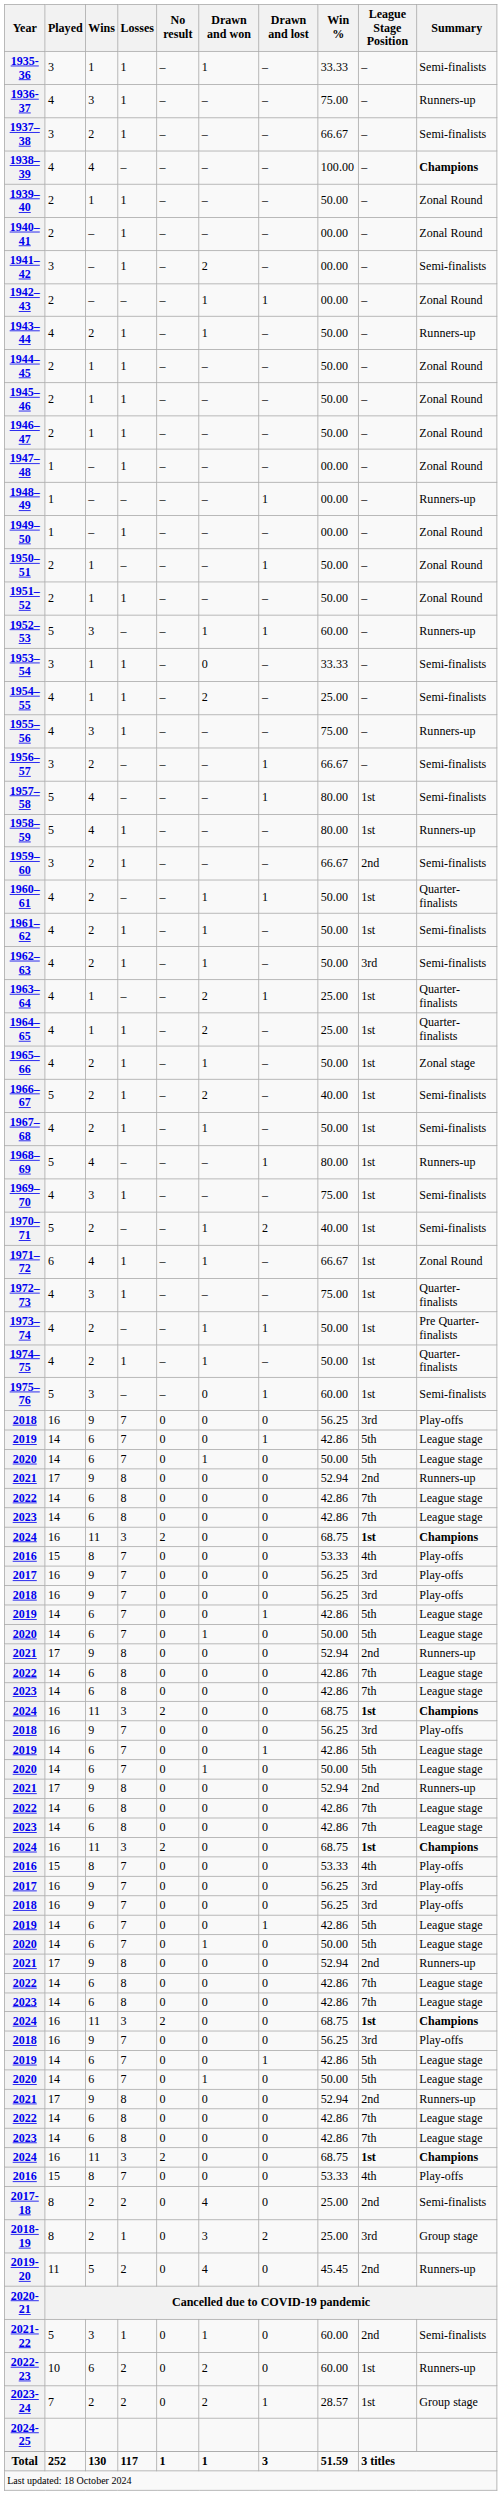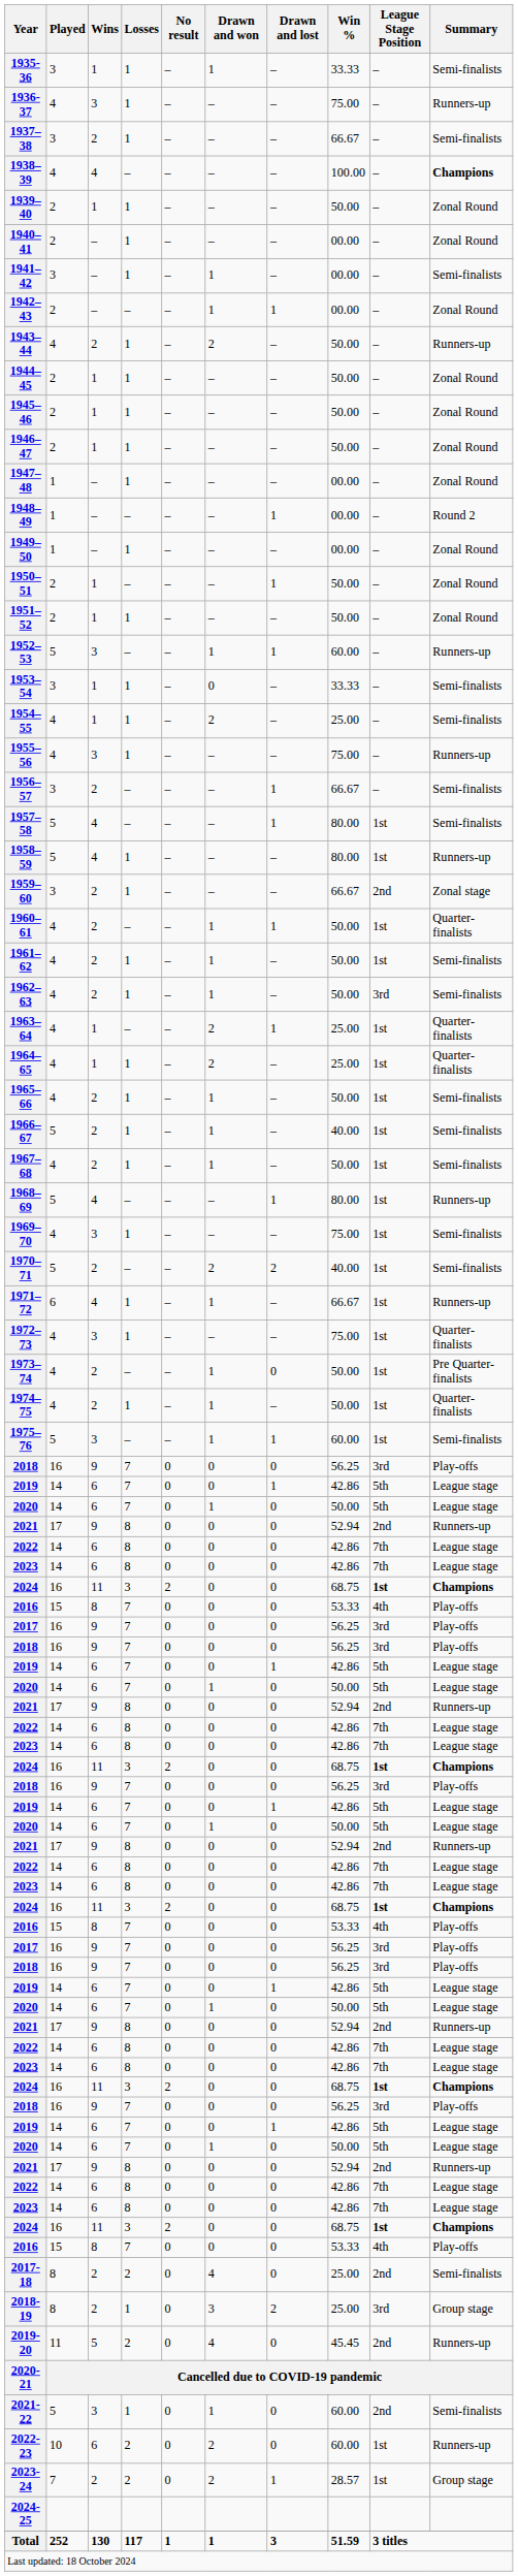 <table class="wikitable sortable" style="text-align:left;font-size:93%;">
 <tr>
 <th>Year</th>
 <th>Played</th>
 <th>Wins</th>
 <th>Losses</th>
 <th>No result</th>
 <th>Drawn and won</th>
 <th>Drawn and lost</th>
 <th>Win %</th>
 <th>League Stage<br>Position</th>
 <th>Summary</th>
 </tr>
 <tr>
 <th><a href='#'>1935-36</a></th>
 <td>3</td>
 <td>1</td>
 <td>1</td>
 <td>–</td>
 <td>1</td>
 <td>–</td>
 <td>33.33</td>
 <td>–</td>
 <td>Semi-finalists</td>
 </tr>
 <tr>
 <th><a href='#'>1936-37</a></th>
 <td>4</td>
 <td>3</td>
 <td>1</td>
 <td>–</td>
 <td>–</td>
 <td>–</td>
 <td>75.00</td>
 <td>–</td>
 <td>Runners-up</td>
 </tr>
 <tr>
 <th><a href='#'>1937–38</a></th>
 <td>3</td>
 <td>2</td>
 <td>1</td>
 <td>–</td>
 <td>–</td>
 <td>–</td>
 <td>66.67</td>
 <td>–</td>
 <td>Semi-finalists</td>
 </tr>
 <tr>
 <th><a href='#'>1938–39</a></th>
 <td>4</td>
 <td>4</td>
 <td>–</td>
 <td>–</td>
 <td>–</td>
 <td>–</td>
 <td>100.00</td>
 <td>–</td>
 <td><strong>Champions</strong></td>
 </tr>
 <tr>
 <th><a href='#'>1939–40</a></th>
 <td>2</td>
 <td>1</td>
 <td>1</td>
 <td>–</td>
 <td>–</td>
 <td>–</td>
 <td>50.00</td>
 <td>–</td>
 <td>Zonal Round</td>
 </tr>
 <tr>
 <th><a href='#'>1940–41</a></th>
 <td>2</td>
 <td>–</td>
 <td>1</td>
 <td>–</td>
 <td>–</td>
 <td>–</td>
 <td>00.00</td>
 <td>–</td>
 <td>Zonal Round</td>
 </tr>
 <tr>
 <th><a href='#'>1941–42</a></th>
 <td>3</td>
 <td>–</td>
 <td>1</td>
 <td>–</td>
-<td>2</td>
+<td>1</td>
 <td>–</td>
 <td>00.00</td>
 <td>–</td>
 <td>Semi-finalists</td>
 </tr>
 <tr>
 <th><a href='#'>1942–43</a></th>
 <td>2</td>
 <td>–</td>
 <td>–</td>
 <td>–</td>
 <td>1</td>
 <td>1</td>
 <td>00.00</td>
 <td>–</td>
 <td>Zonal Round</td>
 </tr>
 <tr>
 <th><a href='#'>1943–44</a></th>
 <td>4</td>
 <td>2</td>
 <td>1</td>
 <td>–</td>
-<td>1</td>
+<td>2</td>
 <td>–</td>
 <td>50.00</td>
 <td>–</td>
 <td>Runners-up</td>
 </tr>
 <tr>
 <th><a href='#'>1944–45</a></th>
 <td>2</td>
 <td>1</td>
 <td>1</td>
 <td>–</td>
 <td>–</td>
 <td>–</td>
 <td>50.00</td>
 <td>–</td>
 <td>Zonal Round</td>
 </tr>
 <tr>
 <th><a href='#'>1945–46</a></th>
 <td>2</td>
 <td>1</td>
 <td>1</td>
 <td>–</td>
 <td>–</td>
 <td>–</td>
 <td>50.00</td>
 <td>–</td>
 <td>Zonal Round</td>
 </tr>
 <tr>
 <th><a href='#'>1946–47</a></th>
 <td>2</td>
 <td>1</td>
 <td>1</td>
 <td>–</td>
 <td>–</td>
 <td>–</td>
 <td>50.00</td>
 <td>–</td>
 <td>Zonal Round</td>
 </tr>
 <tr>
 <th><a href='#'>1947–48</a></th>
 <td>1</td>
 <td>–</td>
 <td>1</td>
 <td>–</td>
 <td>–</td>
 <td>–</td>
 <td>00.00</td>
 <td>–</td>
 <td>Zonal Round</td>
 </tr>
 <tr>
 <th><a href='#'>1948–49</a></th>
 <td>1</td>
 <td>–</td>
 <td>–</td>
 <td>–</td>
 <td>–</td>
 <td>1</td>
 <td>00.00</td>
 <td>–</td>
-<td>Runners-up</td>
+<td>Round 2</td>
 </tr>
 <tr>
 <th><a href='#'>1949–50</a></th>
 <td>1</td>
 <td>–</td>
 <td>1</td>
 <td>–</td>
 <td>–</td>
 <td>–</td>
 <td>00.00</td>
 <td>–</td>
 <td>Zonal Round</td>
 </tr>
 <tr>
 <th><a href='#'>1950–51</a></th>
 <td>2</td>
 <td>1</td>
 <td>–</td>
 <td>–</td>
 <td>–</td>
 <td>1</td>
 <td>50.00</td>
 <td>–</td>
 <td>Zonal Round</td>
 </tr>
 <tr>
 <th><a href='#'>1951–52</a></th>
 <td>2</td>
 <td>1</td>
 <td>1</td>
 <td>–</td>
 <td>–</td>
 <td>–</td>
 <td>50.00</td>
 <td>–</td>
 <td>Zonal Round</td>
 </tr>
 <tr>
 <th><a href='#'>1952–53</a></th>
 <td>5</td>
 <td>3</td>
 <td>–</td>
 <td>–</td>
 <td>1</td>
 <td>1</td>
 <td>60.00</td>
 <td>–</td>
 <td>Runners-up</td>
 </tr>
 <tr>
 <th><a href='#'>1953–54</a></th>
 <td>3</td>
 <td>1</td>
 <td>1</td>
 <td>–</td>
 <td>0</td>
 <td>–</td>
 <td>33.33</td>
 <td>–</td>
 <td>Semi-finalists</td>
 </tr>
 <tr>
 <th><a href='#'>1954–55</a></th>
 <td>4</td>
 <td>1</td>
 <td>1</td>
 <td>–</td>
 <td>2</td>
 <td>–</td>
 <td>25.00</td>
 <td>–</td>
 <td>Semi-finalists</td>
 </tr>
 <tr>
 <th><a href='#'>1955–56</a></th>
 <td>4</td>
 <td>3</td>
 <td>1</td>
 <td>–</td>
 <td>–</td>
 <td>–</td>
 <td>75.00</td>
 <td>–</td>
 <td>Runners-up</td>
 </tr>
 <tr>
 <th><a href='#'>1956–57</a></th>
 <td>3</td>
 <td>2</td>
 <td>–</td>
 <td>–</td>
 <td>–</td>
 <td>1</td>
 <td>66.67</td>
 <td>–</td>
 <td>Semi-finalists</td>
 </tr>
 <tr>
 <th><a href='#'>1957–58</a></th>
 <td>5</td>
 <td>4</td>
 <td>–</td>
 <td>–</td>
 <td>–</td>
 <td>1</td>
 <td>80.00</td>
 <td>1st</td>
 <td>Semi-finalists</td>
 </tr>
 <tr>
 <th><a href='#'>1958–59</a></th>
 <td>5</td>
 <td>4</td>
 <td>1</td>
 <td>–</td>
 <td>–</td>
 <td>–</td>
 <td>80.00</td>
 <td>1st</td>
 <td>Runners-up</td>
 </tr>
 <tr>
 <th><a href='#'>1959–60</a></th>
 <td>3</td>
 <td>2</td>
 <td>1</td>
 <td>–</td>
 <td>–</td>
 <td>–</td>
 <td>66.67</td>
 <td>2nd</td>
-<td>Semi-finalists</td>
+<td>Zonal stage</td>
 </tr>
 <tr>
 <th><a href='#'>1960–61</a></th>
 <td>4</td>
 <td>2</td>
 <td>–</td>
 <td>–</td>
 <td>1</td>
 <td>1</td>
 <td>50.00</td>
 <td>1st</td>
 <td>Quarter-finalists</td>
 </tr>
 <tr>
 <th><a href='#'>1961–62</a></th>
 <td>4</td>
 <td>2</td>
 <td>1</td>
 <td>–</td>
 <td>1</td>
 <td>–</td>
 <td>50.00</td>
 <td>1st</td>
 <td>Semi-finalists</td>
 </tr>
 <tr>
 <th><a href='#'>1962–63</a></th>
 <td>4</td>
 <td>2</td>
 <td>1</td>
 <td>–</td>
 <td>1</td>
 <td>–</td>
 <td>50.00</td>
 <td>3rd</td>
 <td>Semi-finalists</td>
 </tr>
 <tr>
 <th><a href='#'>1963–64</a></th>
 <td>4</td>
 <td>1</td>
 <td>–</td>
 <td>–</td>
 <td>2</td>
 <td>1</td>
 <td>25.00</td>
 <td>1st</td>
 <td>Quarter-finalists</td>
 </tr>
 <tr>
 <th><a href='#'>1964–65</a></th>
 <td>4</td>
 <td>1</td>
 <td>1</td>
 <td>–</td>
 <td>2</td>
 <td>–</td>
 <td>25.00</td>
 <td>1st</td>
 <td>Quarter-finalists</td>
 </tr>
 <tr>
 <th><a href='#'>1965–66</a></th>
 <td>4</td>
 <td>2</td>
 <td>1</td>
 <td>–</td>
 <td>1</td>
 <td>–</td>
 <td>50.00</td>
 <td>1st</td>
-<td>Zonal stage</td>
+<td>Semi-finalists</td>
 </tr>
 <tr>
 <th><a href='#'>1966–67</a></th>
 <td>5</td>
 <td>2</td>
 <td>1</td>
 <td>–</td>
-<td>2</td>
+<td>1</td>
 <td>–</td>
 <td>40.00</td>
 <td>1st</td>
 <td>Semi-finalists</td>
 </tr>
 <tr>
 <th><a href='#'>1967–68</a></th>
 <td>4</td>
 <td>2</td>
 <td>1</td>
 <td>–</td>
 <td>1</td>
 <td>–</td>
 <td>50.00</td>
 <td>1st</td>
 <td>Semi-finalists</td>
 </tr>
 <tr>
 <th><a href='#'>1968–69</a></th>
 <td>5</td>
 <td>4</td>
 <td>–</td>
 <td>–</td>
 <td>–</td>
 <td>1</td>
 <td>80.00</td>
 <td>1st</td>
 <td>Runners-up</td>
 </tr>
 <tr>
 <th><a href='#'>1969–70</a></th>
 <td>4</td>
 <td>3</td>
 <td>1</td>
 <td>–</td>
 <td>–</td>
 <td>–</td>
 <td>75.00</td>
 <td>1st</td>
 <td>Semi-finalists</td>
 </tr>
 <tr>
 <th><a href='#'>1970–71</a></th>
 <td>5</td>
 <td>2</td>
 <td>–</td>
 <td>–</td>
-<td>1</td>
+<td>2</td>
 <td>2</td>
 <td>40.00</td>
 <td>1st</td>
 <td>Semi-finalists</td>
 </tr>
 <tr>
 <th><a href='#'>1971–72</a></th>
 <td>6</td>
 <td>4</td>
 <td>1</td>
 <td>–</td>
 <td>1</td>
 <td>–</td>
 <td>66.67</td>
 <td>1st</td>
-<td>Zonal Round</td>
+<td>Runners-up</td>
 </tr>
 <tr>
 <th><a href='#'>1972–73</a></th>
 <td>4</td>
 <td>3</td>
 <td>1</td>
 <td>–</td>
 <td>–</td>
 <td>–</td>
 <td>75.00</td>
 <td>1st</td>
 <td>Quarter-finalists</td>
 </tr>
 <tr>
 <th><a href='#'>1973–74</a></th>
 <td>4</td>
 <td>2</td>
 <td>–</td>
 <td>–</td>
 <td>1</td>
-<td>1</td>
+<td>0</td>
 <td>50.00</td>
 <td>1st</td>
 <td>Pre Quarter-finalists</td>
 </tr>
 <tr>
 <th><a href='#'>1974–75</a></th>
 <td>4</td>
 <td>2</td>
 <td>1</td>
 <td>–</td>
 <td>1</td>
 <td>–</td>
 <td>50.00</td>
 <td>1st</td>
 <td>Quarter-finalists</td>
 </tr>
 <tr>
 <th><a href='#'>1975–76</a></th>
 <td>5</td>
 <td>3</td>
 <td>–</td>
 <td>–</td>
-<td>0</td>
+<td>1</td>
 <td>1</td>
 <td>60.00</td>
 <td>1st</td>
 <td>Semi-finalists</td>
 </tr>
 <tr>
 <th><a href='#'>2018</a></th>
 <td>16</td>
 <td>9</td>
 <td>7</td>
 <td>0</td>
 <td>0</td>
 <td>0</td>
 <td>56.25</td>
 <td>3rd</td>
 <td>Play-offs</td>
 </tr>
 <tr>
 <th><a href='#'>2019</a></th>
 <td>14</td>
 <td>6</td>
 <td>7</td>
 <td>0</td>
 <td>0</td>
 <td>1</td>
 <td>42.86</td>
 <td>5th</td>
 <td>League stage</td>
 </tr>
 <tr>
 <th><a href='#'>2020</a></th>
 <td>14</td>
 <td>6</td>
 <td>7</td>
 <td>0</td>
 <td>1</td>
 <td>0</td>
 <td>50.00</td>
 <td>5th</td>
 <td>League stage</td>
 </tr>
 <tr>
 <th><a href='#'>2021</a></th>
 <td>17</td>
 <td>9</td>
 <td>8</td>
 <td>0</td>
 <td>0</td>
 <td>0</td>
 <td>52.94</td>
 <td>2nd</td>
 <td>Runners-up</td>
 </tr>
 <tr>
 <th><a href='#'>2022</a></th>
 <td>14</td>
 <td>6</td>
 <td>8</td>
 <td>0</td>
 <td>0</td>
 <td>0</td>
 <td>42.86</td>
 <td>7th</td>
 <td>League stage</td>
 </tr>
 <tr>
 <th><a href='#'>2023</a></th>
 <td>14</td>
 <td>6</td>
 <td>8</td>
 <td>0</td>
 <td>0</td>
 <td>0</td>
 <td>42.86</td>
 <td>7th</td>
 <td>League stage</td>
 </tr>
 <tr>
 <th><a href='#'>2024</a></th>
 <td>16</td>
 <td>11</td>
 <td>3</td>
 <td>2</td>
 <td>0</td>
 <td>0</td>
 <td>68.75</td>
 <td><strong>1st</strong></td>
 <td><strong>Champions</strong></td>
 </tr>
 <tr>
 <th><a href='#'>2016</a></th>
 <td>15</td>
 <td>8</td>
 <td>7</td>
 <td>0</td>
 <td>0</td>
 <td>0</td>
 <td>53.33</td>
 <td>4th</td>
 <td>Play-offs</td>
 </tr>
 <tr>
 <th><a href='#'>2017</a></th>
 <td>16</td>
 <td>9</td>
 <td>7</td>
 <td>0</td>
 <td>0</td>
 <td>0</td>
 <td>56.25</td>
 <td>3rd</td>
 <td>Play-offs</td>
 </tr>
 <tr>
 <th><a href='#'>2018</a></th>
 <td>16</td>
 <td>9</td>
 <td>7</td>
 <td>0</td>
 <td>0</td>
 <td>0</td>
 <td>56.25</td>
 <td>3rd</td>
 <td>Play-offs</td>
 </tr>
 <tr>
 <th><a href='#'>2019</a></th>
 <td>14</td>
 <td>6</td>
 <td>7</td>
 <td>0</td>
 <td>0</td>
 <td>1</td>
 <td>42.86</td>
 <td>5th</td>
 <td>League stage</td>
 </tr>
 <tr>
 <th><a href='#'>2020</a></th>
 <td>14</td>
 <td>6</td>
 <td>7</td>
 <td>0</td>
 <td>1</td>
 <td>0</td>
 <td>50.00</td>
 <td>5th</td>
 <td>League stage</td>
 </tr>
 <tr>
 <th><a href='#'>2021</a></th>
 <td>17</td>
 <td>9</td>
 <td>8</td>
 <td>0</td>
 <td>0</td>
 <td>0</td>
 <td>52.94</td>
 <td>2nd</td>
 <td>Runners-up</td>
 </tr>
 <tr>
 <th><a href='#'>2022</a></th>
 <td>14</td>
 <td>6</td>
 <td>8</td>
 <td>0</td>
 <td>0</td>
 <td>0</td>
 <td>42.86</td>
 <td>7th</td>
 <td>League stage</td>
 </tr>
 <tr>
 <th><a href='#'>2023</a></th>
 <td>14</td>
 <td>6</td>
 <td>8</td>
 <td>0</td>
 <td>0</td>
 <td>0</td>
 <td>42.86</td>
 <td>7th</td>
 <td>League stage</td>
 </tr>
 <tr>
 <th><a href='#'>2024</a></th>
 <td>16</td>
 <td>11</td>
 <td>3</td>
 <td>2</td>
 <td>0</td>
 <td>0</td>
 <td>68.75</td>
 <td><strong>1st</strong></td>
 <td><strong>Champions</strong></td>
 </tr>
 <tr>
 <th><a href='#'>2018</a></th>
 <td>16</td>
 <td>9</td>
 <td>7</td>
 <td>0</td>
 <td>0</td>
 <td>0</td>
 <td>56.25</td>
 <td>3rd</td>
 <td>Play-offs</td>
 </tr>
 <tr>
 <th><a href='#'>2019</a></th>
 <td>14</td>
 <td>6</td>
 <td>7</td>
 <td>0</td>
 <td>0</td>
 <td>1</td>
 <td>42.86</td>
 <td>5th</td>
 <td>League stage</td>
 </tr>
 <tr>
 <th><a href='#'>2020</a></th>
 <td>14</td>
 <td>6</td>
 <td>7</td>
 <td>0</td>
 <td>1</td>
 <td>0</td>
 <td>50.00</td>
 <td>5th</td>
 <td>League stage</td>
 </tr>
 <tr>
 <th><a href='#'>2021</a></th>
 <td>17</td>
 <td>9</td>
 <td>8</td>
 <td>0</td>
 <td>0</td>
 <td>0</td>
 <td>52.94</td>
 <td>2nd</td>
 <td>Runners-up</td>
 </tr>
 <tr>
 <th><a href='#'>2022</a></th>
 <td>14</td>
 <td>6</td>
 <td>8</td>
 <td>0</td>
 <td>0</td>
 <td>0</td>
 <td>42.86</td>
 <td>7th</td>
 <td>League stage</td>
 </tr>
 <tr>
 <th><a href='#'>2023</a></th>
 <td>14</td>
 <td>6</td>
 <td>8</td>
 <td>0</td>
 <td>0</td>
 <td>0</td>
 <td>42.86</td>
 <td>7th</td>
 <td>League stage</td>
 </tr>
 <tr>
 <th><a href='#'>2024</a></th>
 <td>16</td>
 <td>11</td>
 <td>3</td>
 <td>2</td>
 <td>0</td>
 <td>0</td>
 <td>68.75</td>
 <td><strong>1st</strong></td>
 <td><strong>Champions</strong></td>
 </tr>
 <tr>
 <th><a href='#'>2016</a></th>
 <td>15</td>
 <td>8</td>
 <td>7</td>
 <td>0</td>
 <td>0</td>
 <td>0</td>
 <td>53.33</td>
 <td>4th</td>
 <td>Play-offs</td>
 </tr>
 <tr>
 <th><a href='#'>2017</a></th>
 <td>16</td>
 <td>9</td>
 <td>7</td>
 <td>0</td>
 <td>0</td>
 <td>0</td>
 <td>56.25</td>
 <td>3rd</td>
 <td>Play-offs</td>
 </tr>
 <tr>
 <th><a href='#'>2018</a></th>
 <td>16</td>
 <td>9</td>
 <td>7</td>
 <td>0</td>
 <td>0</td>
 <td>0</td>
 <td>56.25</td>
 <td>3rd</td>
 <td>Play-offs</td>
 </tr>
 <tr>
 <th><a href='#'>2019</a></th>
 <td>14</td>
 <td>6</td>
 <td>7</td>
 <td>0</td>
 <td>0</td>
 <td>1</td>
 <td>42.86</td>
 <td>5th</td>
 <td>League stage</td>
 </tr>
 <tr>
 <th><a href='#'>2020</a></th>
 <td>14</td>
 <td>6</td>
 <td>7</td>
 <td>0</td>
 <td>1</td>
 <td>0</td>
 <td>50.00</td>
 <td>5th</td>
 <td>League stage</td>
 </tr>
 <tr>
 <th><a href='#'>2021</a></th>
 <td>17</td>
 <td>9</td>
 <td>8</td>
 <td>0</td>
 <td>0</td>
 <td>0</td>
 <td>52.94</td>
 <td>2nd</td>
 <td>Runners-up</td>
 </tr>
 <tr>
 <th><a href='#'>2022</a></th>
 <td>14</td>
 <td>6</td>
 <td>8</td>
 <td>0</td>
 <td>0</td>
 <td>0</td>
 <td>42.86</td>
 <td>7th</td>
 <td>League stage</td>
 </tr>
 <tr>
 <th><a href='#'>2023</a></th>
 <td>14</td>
 <td>6</td>
 <td>8</td>
 <td>0</td>
 <td>0</td>
 <td>0</td>
 <td>42.86</td>
 <td>7th</td>
 <td>League stage</td>
 </tr>
 <tr>
 <th><a href='#'>2024</a></th>
 <td>16</td>
 <td>11</td>
 <td>3</td>
 <td>2</td>
 <td>0</td>
 <td>0</td>
 <td>68.75</td>
 <td><strong>1st</strong></td>
 <td><strong>Champions</strong></td>
 </tr>
 <tr>
 <th><a href='#'>2018</a></th>
 <td>16</td>
 <td>9</td>
 <td>7</td>
 <td>0</td>
 <td>0</td>
 <td>0</td>
 <td>56.25</td>
 <td>3rd</td>
 <td>Play-offs</td>
 </tr>
 <tr>
 <th><a href='#'>2019</a></th>
 <td>14</td>
 <td>6</td>
 <td>7</td>
 <td>0</td>
 <td>0</td>
 <td>1</td>
 <td>42.86</td>
 <td>5th</td>
 <td>League stage</td>
 </tr>
 <tr>
 <th><a href='#'>2020</a></th>
 <td>14</td>
 <td>6</td>
 <td>7</td>
 <td>0</td>
 <td>1</td>
 <td>0</td>
 <td>50.00</td>
 <td>5th</td>
 <td>League stage</td>
 </tr>
 <tr>
 <th><a href='#'>2021</a></th>
 <td>17</td>
 <td>9</td>
 <td>8</td>
 <td>0</td>
 <td>0</td>
 <td>0</td>
 <td>52.94</td>
 <td>2nd</td>
 <td>Runners-up</td>
 </tr>
 <tr>
 <th><a href='#'>2022</a></th>
 <td>14</td>
 <td>6</td>
 <td>8</td>
 <td>0</td>
 <td>0</td>
 <td>0</td>
 <td>42.86</td>
 <td>7th</td>
 <td>League stage</td>
 </tr>
 <tr>
 <th><a href='#'>2023</a></th>
 <td>14</td>
 <td>6</td>
 <td>8</td>
 <td>0</td>
 <td>0</td>
 <td>0</td>
 <td>42.86</td>
 <td>7th</td>
 <td>League stage</td>
 </tr>
 <tr>
 <th><a href='#'>2024</a></th>
 <td>16</td>
 <td>11</td>
 <td>3</td>
 <td>2</td>
 <td>0</td>
 <td>0</td>
 <td>68.75</td>
 <td><strong>1st</strong></td>
 <td><strong>Champions</strong></td>
 </tr>
 <tr>
 <th><a href='#'>2016</a></th>
 <td>15</td>
 <td>8</td>
 <td>7</td>
 <td>0</td>
 <td>0</td>
 <td>0</td>
 <td>53.33</td>
 <td>4th</td>
 <td>Play-offs</td>
 </tr>
 <tr>
 <th><a href='#'>2017-18</a></th>
 <td>8</td>
 <td>2</td>
 <td>2</td>
 <td>0</td>
 <td>4</td>
 <td>0</td>
 <td>25.00</td>
 <td>2nd</td>
 <td>Semi-finalists</td>
 </tr>
 <tr>
 <th><a href='#'>2018-19</a></th>
 <td>8</td>
 <td>2</td>
 <td>1</td>
 <td>0</td>
 <td>3</td>
 <td>2</td>
 <td>25.00</td>
 <td>3rd</td>
 <td>Group stage</td>
 </tr>
 <tr>
 <th><a href='#'>2019-20</a></th>
 <td>11</td>
 <td>5</td>
 <td>2</td>
 <td>0</td>
 <td>4</td>
 <td>0</td>
 <td>45.45</td>
 <td>2nd</td>
 <td>Runners-up</td>
 </tr>
 <tr>
 <th><a href='#'>2020-21</a></th>
 <th colspan=9>Cancelled due to COVID-19 pandemic</th>
 </tr>
 <tr>
 <th><a href='#'>2021-22</a></th>
 <td>5</td>
 <td>3</td>
 <td>1</td>
 <td>0</td>
 <td>1</td>
 <td>0</td>
 <td>60.00</td>
 <td>2nd</td>
 <td>Semi-finalists</td>
 </tr>
 <tr>
 <th><a href='#'>2022-23</a></th>
 <td>10</td>
 <td>6</td>
 <td>2</td>
 <td>0</td>
 <td>2</td>
 <td>0</td>
 <td>60.00</td>
 <td>1st</td>
 <td>Runners-up</td>
 </tr>
 <tr>
 <th><a href='#'>2023-24</a></th>
 <td>7</td>
 <td>2</td>
 <td>2</td>
 <td>0</td>
 <td>2</td>
 <td>1</td>
 <td>28.57</td>
 <td>1st</td>
 <td>Group stage</td>
 </tr>
 <tr>
 <th><a href='#'>2024-25</a></th>
 <td></td>
 <td></td>
 <td></td>
 <td></td>
 <td></td>
 <td></td>
 <td></td>
 <td></td>
 <td></td>
 </tr>
 <tr>
 </tr>
 <tr class=sortbottom>
 <th>Total</th>
 <td><strong>252</strong></td>
 <td><strong>130</strong></td>
 <td><strong>117</strong></td>
 <td><strong>1</strong></td>
 <td><strong>1</strong></td>
 <td><strong>3</strong></td>
 <td><strong>51.59</strong></td>
 <td colspan=2><strong>3 titles</strong></td>
 </tr>
 <tr>
 <td colspan=10><small>Last updated: 18 October 2024</small></td>
 </tr>
 </table>
